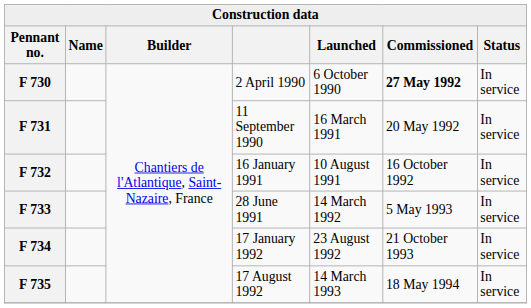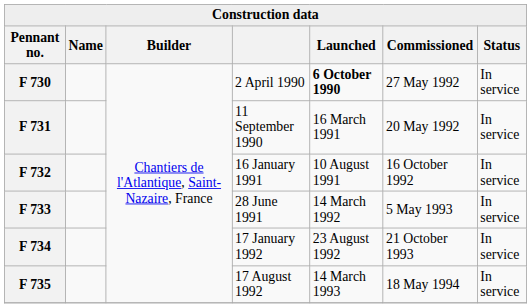 <table class="wikitable plainrowheaders">
 <tr>
 <th colspan="7" style="background:#eee;" align="center">Construction data</th>
 </tr>
 <tr>
 <th scope="col">Pennant no.</th>
 <th scope="col">Name</th>
 <th scope="col">Builder</th>
 <th scope="col"></th>
 <th scope="col">Launched</th>
 <th scope="col">Commissioned</th>
 <th scope="col">Status</th>
 </tr>
 <tr>
 <th scope="row">F 730</th>
 <td></td>
 <td rowspan=6 align=center><a href='#'>Chantiers de l'Atlantique</a>, <a href='#'>Saint-Nazaire</a>, France</td>
 <td>2 April 1990</td>
-<td>6 October 1990</td>
-<td><strong>27 May 1992</strong></td>
+<td><strong>6 October 1990</strong></td>
+<td>27 May 1992</td>
 <td>In service</td>
 </tr>
 <tr>
 <th scope="row">F 731</th>
 <td></td>
 <td>11 September 1990</td>
 <td>16 March 1991</td>
 <td>20 May 1992</td>
 <td>In service</td>
 </tr>
 <tr>
 <th scope="row">F 732</th>
 <td></td>
 <td>16 January 1991</td>
 <td>10 August 1991</td>
 <td>16 October 1992</td>
 <td>In service</td>
 </tr>
 <tr>
 <th scope="row">F 733</th>
 <td></td>
 <td>28 June 1991</td>
 <td>14 March 1992</td>
 <td>5 May 1993</td>
 <td>In service</td>
 </tr>
 <tr>
 <th scope="row">F 734</th>
 <td></td>
 <td>17 January 1992</td>
 <td>23 August 1992</td>
 <td>21 October 1993</td>
 <td>In service</td>
 </tr>
 <tr>
 <th scope="row">F 735</th>
 <td></td>
 <td>17 August 1992</td>
 <td>14 March 1993</td>
 <td>18 May 1994</td>
 <td>In service</td>
 </tr>
 <tr>
 </tr>
 </table>
